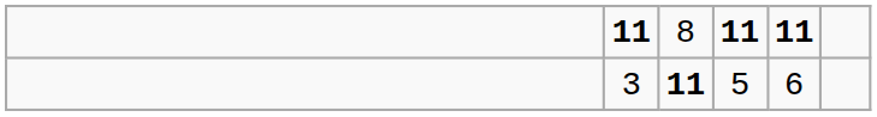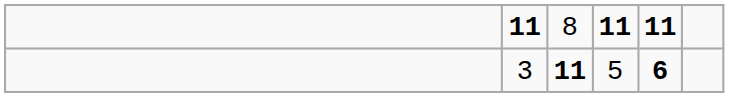 <table class="wikitable">
 <tr>
 <td style="width:18em"><strong></strong></td>
 <td align=center style="width:1em"><strong>11</strong></td>
 <td align=center style="width:1em">8</td>
 <td align=center style="width:1em"><strong>11</strong></td>
 <td align=center style="width:1em"><strong>11</strong></td>
 <td align=center style="width:1em"></td>
 </tr>
 <tr>
 <td style="width:18em"><strong></strong></td>
 <td align=center style="width:1em">3</td>
 <td align=center style="width:1em"><strong>11</strong></td>
 <td align=center style="width:1em">5</td>
-<td align=center style="width:1em">6</td>
+<td align=center style="width:1em"><strong>6</strong></td>
 <td align=center style="width:1em"></td>
 </tr>
 </table>
